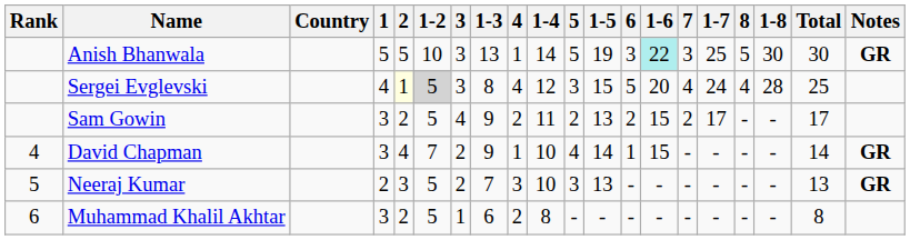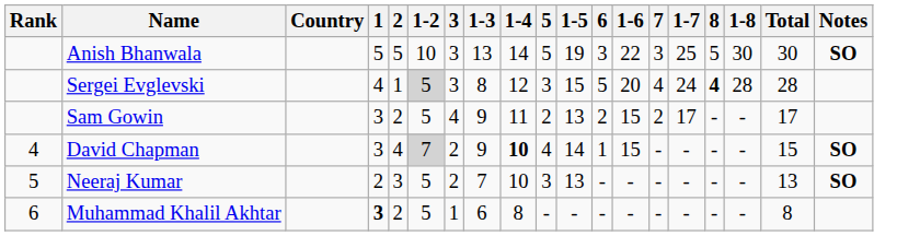 <table class="wikitable sortable" style="text-align:center;">
 <tr>
 <th>Rank</th>
 <th>Name</th>
 <th>Country</th>
 <th>1</th>
 <th>2</th>
 <th>1-2</th>
 <th>3</th>
 <th>1-3</th>
-<th>4</th>
 <th>1-4</th>
 <th>5</th>
 <th>1-5</th>
 <th>6</th>
 <th>1-6</th>
 <th>7</th>
 <th>1-7</th>
 <th>8</th>
 <th>1-8</th>
 <th>Total</th>
 <th class="unsortable">Notes</th>
 </tr>
 <tr>
 <td></td>
 <td align=left><a href='#'>Anish Bhanwala</a></td>
 <td align=left></td>
 <td>5</td>
 <td>5</td>
 <td>10</td>
 <td>3</td>
 <td>13</td>
-<td>1</td>
 <td>14</td>
 <td>5</td>
 <td>19</td>
 <td>3</td>
-<td style="background: paleturquoise;">22</td>
+<td>22</td>
 <td>3</td>
 <td>25</td>
 <td>5</td>
 <td>30</td>
 <td>30</td>
-<td><strong>GR</strong></td>
+<td><strong>SO</strong></td>
 </tr>
 <tr>
 <td></td>
 <td align=left><a href='#'>Sergei Evglevski</a></td>
 <td align=left></td>
 <td>4</td>
-<td style="background: lightyellow;">1</td>
+<td>1</td>
 <td style="background: lightgrey;">5</td>
 <td>3</td>
 <td>8</td>
-<td>4</td>
 <td>12</td>
 <td>3</td>
 <td>15</td>
 <td>5</td>
 <td>20</td>
 <td>4</td>
 <td>24</td>
-<td>4</td>
+<td><strong>4</strong></td>
 <td>28</td>
-<td>25</td>
+<td>28</td>
 <td></td>
 </tr>
 <tr>
 <td></td>
 <td align=left><a href='#'>Sam Gowin</a></td>
 <td align=left></td>
 <td>3</td>
 <td>2</td>
 <td>5</td>
 <td>4</td>
 <td>9</td>
-<td>2</td>
 <td>11</td>
 <td>2</td>
 <td>13</td>
 <td>2</td>
 <td>15</td>
 <td>2</td>
 <td>17</td>
 <td>-</td>
 <td>-</td>
 <td>17</td>
 <td></td>
 </tr>
 <tr>
 <td>4</td>
 <td align=left><a href='#'>David Chapman</a></td>
 <td align=left></td>
 <td>3</td>
 <td>4</td>
-<td>7</td>
+<td style="background: lightgrey;">7</td>
 <td>2</td>
 <td>9</td>
-<td>1</td>
-<td>10</td>
+<td><strong>10</strong></td>
 <td>4</td>
 <td>14</td>
 <td>1</td>
 <td>15</td>
 <td>-</td>
 <td>-</td>
 <td>-</td>
 <td>-</td>
-<td>14</td>
-<td><strong>GR</strong></td>
+<td>15</td>
+<td><strong>SO</strong></td>
 </tr>
 <tr>
 <td>5</td>
 <td align=left><a href='#'>Neeraj Kumar</a></td>
 <td align=left></td>
 <td>2</td>
 <td>3</td>
 <td>5</td>
 <td>2</td>
 <td>7</td>
-<td>3</td>
 <td>10</td>
 <td>3</td>
 <td>13</td>
 <td>-</td>
 <td>-</td>
 <td>-</td>
 <td>-</td>
 <td>-</td>
 <td>-</td>
 <td>13</td>
-<td><strong>GR</strong></td>
+<td><strong>SO</strong></td>
 </tr>
 <tr>
 <td>6</td>
 <td align=left><a href='#'>Muhammad Khalil Akhtar</a></td>
 <td align=left></td>
-<td>3</td>
+<td><strong>3</strong></td>
 <td>2</td>
 <td>5</td>
 <td>1</td>
 <td>6</td>
-<td>2</td>
 <td>8</td>
 <td>-</td>
 <td>-</td>
 <td>-</td>
 <td>-</td>
 <td>-</td>
 <td>-</td>
 <td>-</td>
 <td>-</td>
 <td>8</td>
 <td></td>
 </tr>
 </table>
